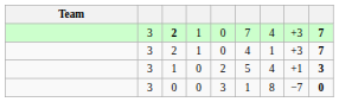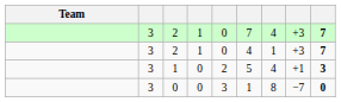 <table class="wikitable" style="text-align: center; font-size: 90%;">
 <tr>
 <th width=165>Team</th>
 <th width=25></th>
 <th width=25></th>
 <th width=25></th>
 <th width=25></th>
 <th width=25></th>
 <th width=25></th>
 <th width=25></th>
 <th width=25></th>
 </tr>
 <tr bgcolor="ccffcc">
 <td align="left"></td>
 <td>3</td>
-<td><strong>2</strong></td>
+<td>2</td>
 <td>1</td>
 <td>0</td>
 <td>7</td>
 <td>4</td>
 <td>+3</td>
 <td><strong>7</strong></td>
 </tr>
 <tr>
 <td align="left"></td>
 <td>3</td>
 <td>2</td>
 <td>1</td>
 <td>0</td>
 <td>4</td>
 <td>1</td>
 <td>+3</td>
 <td><strong>7</strong></td>
 </tr>
 <tr>
 <td align="left"><em></em></td>
 <td>3</td>
 <td>1</td>
 <td>0</td>
 <td>2</td>
 <td>5</td>
 <td>4</td>
 <td>+1</td>
 <td><strong>3</strong></td>
 </tr>
 <tr>
 <td align="left"></td>
 <td>3</td>
 <td>0</td>
 <td>0</td>
 <td>3</td>
 <td>1</td>
 <td>8</td>
 <td>−7</td>
 <td><strong>0</strong></td>
 </tr>
 </table>
